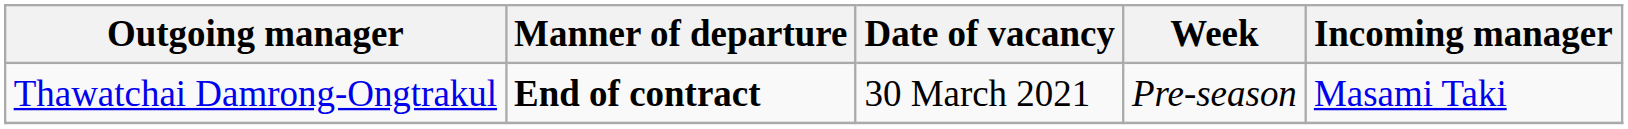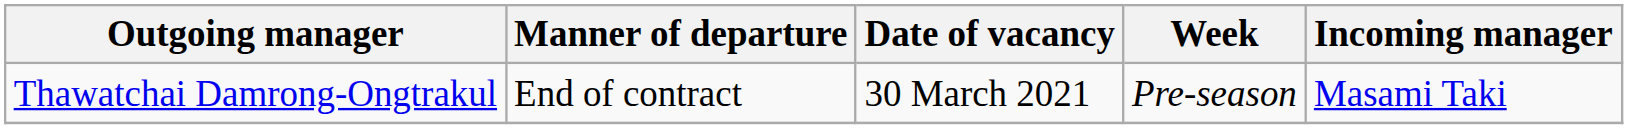 <table class="wikitable">
 <tr>
 <th>Outgoing manager</th>
 <th>Manner of departure</th>
 <th>Date of vacancy</th>
 <th>Week</th>
 <th>Incoming manager</th>
 </tr>
 <tr>
 <td> <a href='#'>Thawatchai Damrong-Ongtrakul</a></td>
-<td><strong>End of contract</strong></td>
+<td>End of contract</td>
 <td>30 March 2021</td>
 <td><em>Pre-season</em></td>
 <td> <a href='#'>Masami Taki</a></td>
 </tr>
 <tr>
 </tr>
 </table>
